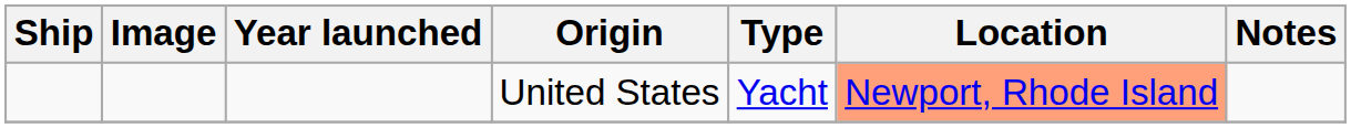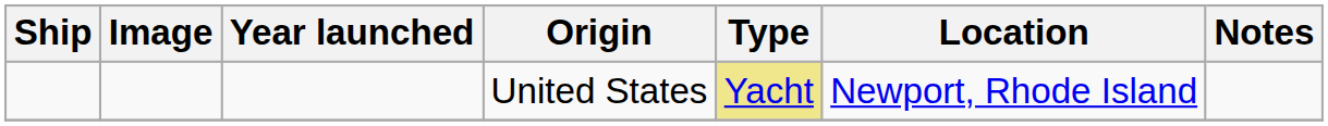 <table class="wikitable sortable">
 <tr>
 <th>Ship</th>
 <th>Image</th>
 <th>Year launched</th>
 <th>Origin</th>
 <th>Type</th>
 <th>Location</th>
 <th>Notes</th>
 </tr>
 <tr>
 <td data-sort-value=Coronet></td>
 <td></td>
 <td></td>
 <td> United States</td>
-<td><a href='#'>Yacht</a></td>
-<td style="background: lightsalmon;"><a href='#'>Newport, Rhode Island</a><br></td>
+<td style="background: khaki;"><a href='#'>Yacht</a></td>
+<td><a href='#'>Newport, Rhode Island</a><br></td>
 <td></td>
 </tr>
 <tr>
 </tr>
 </table>
